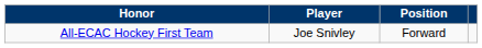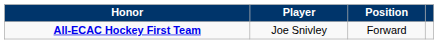 <table class="wikitable" width="50%">
 <tr>
 <th style="color:white; background:#00356B">Honor</th>
 <th style="color:white; background:#00356B">Player</th>
 <th style="color:white; background:#00356B">Position</th>
 <th style="color:white; background:#00356B"></th>
 </tr>
 <tr align="center" bgcolor="">
-<td><a href='#'>All-ECAC Hockey First Team</a></td>
+<td><strong><a href='#'>All-ECAC Hockey First Team</a></strong></td>
 <td>Joe Snivley</td>
 <td>Forward</td>
 <td></td>
 </tr>
 </table>
